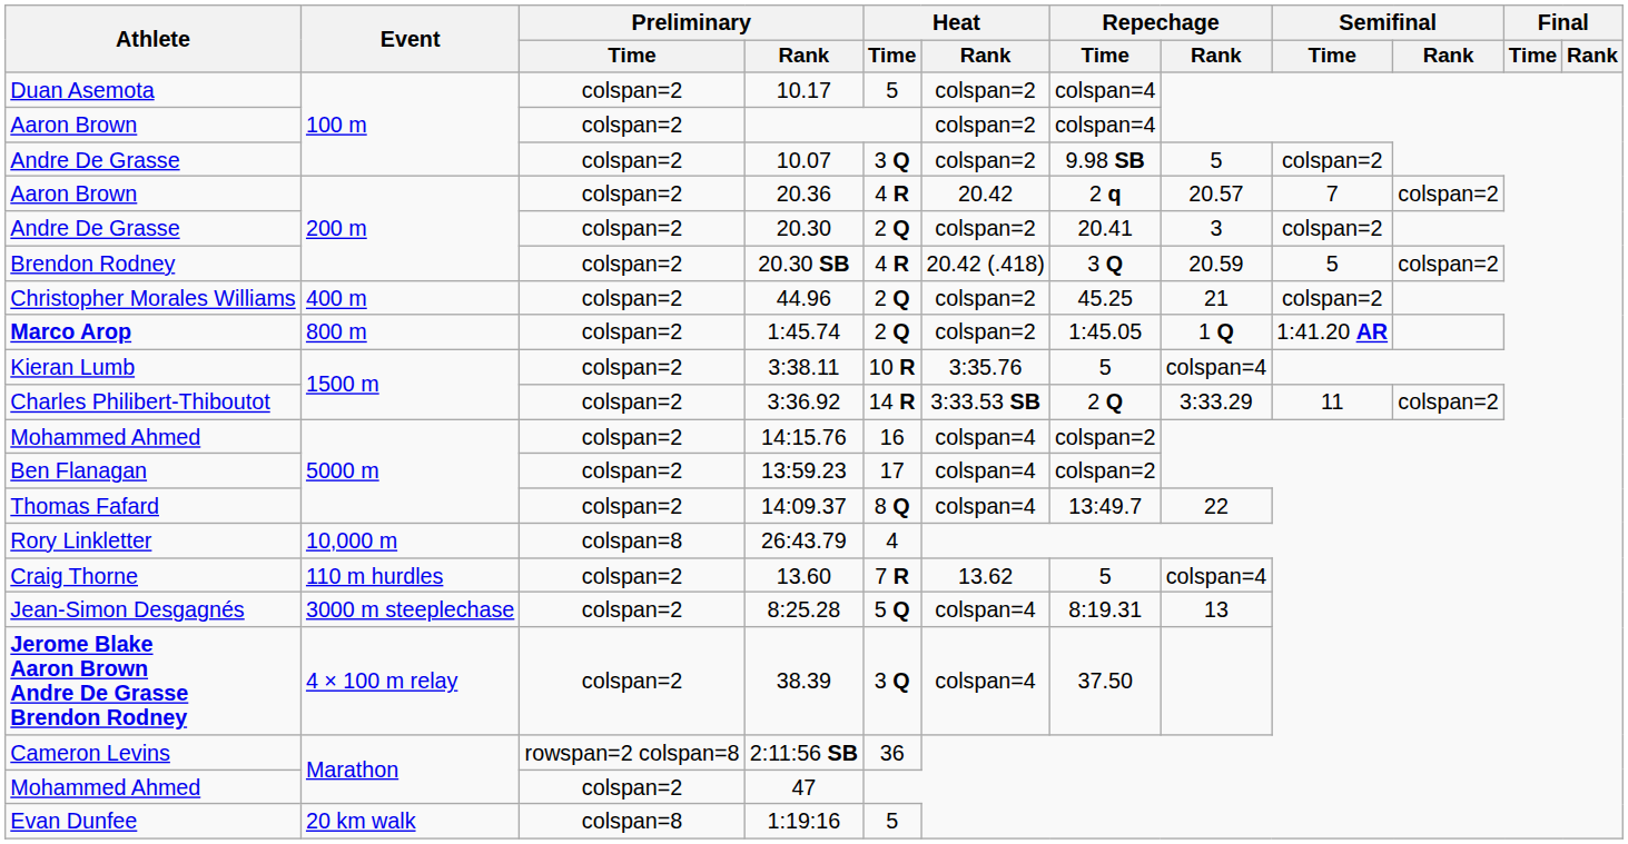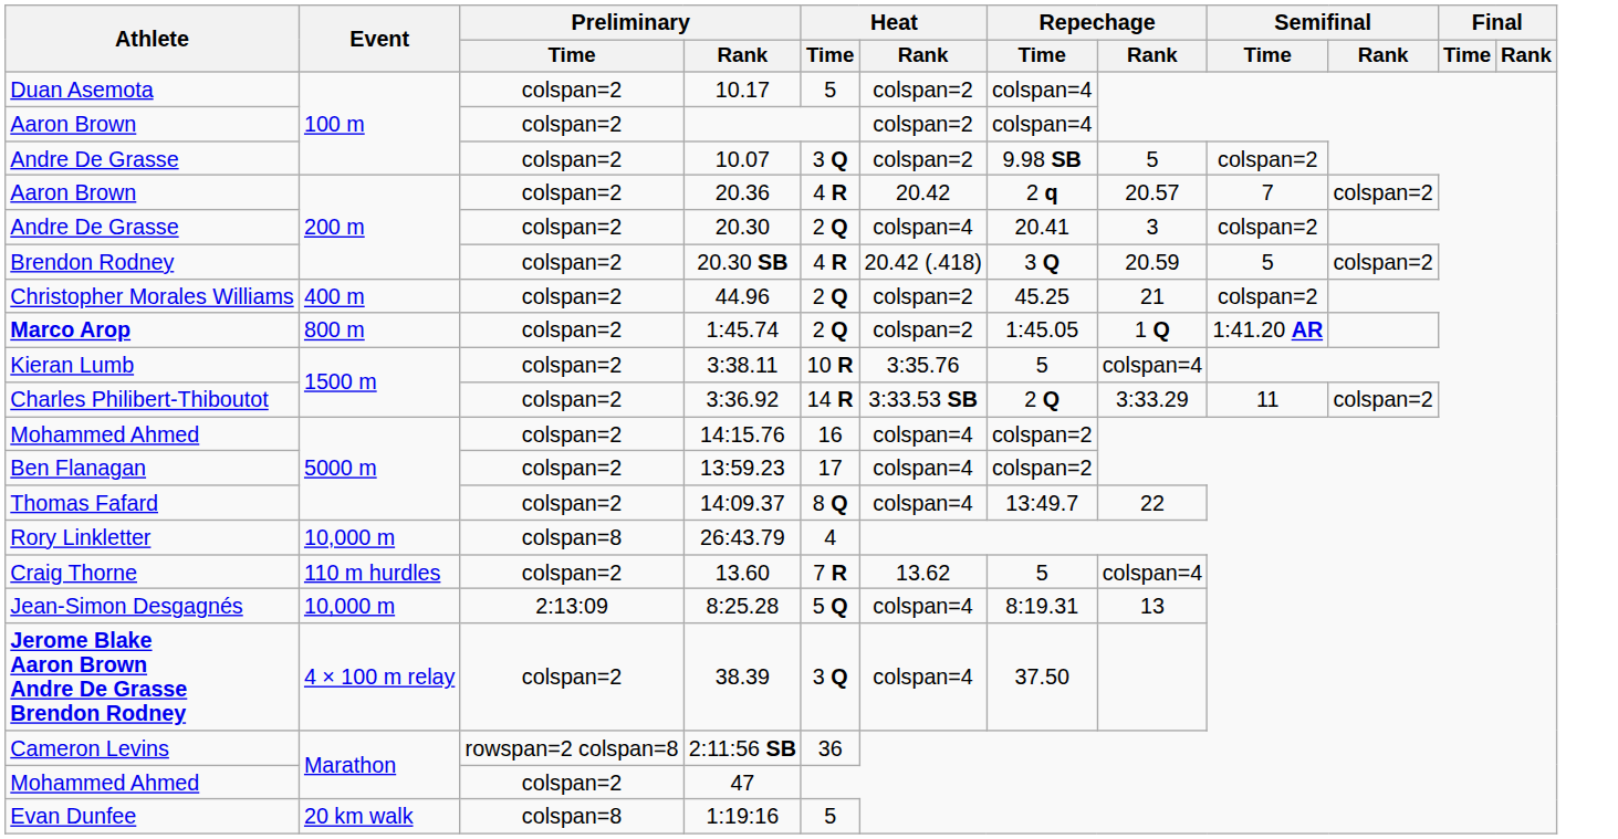 <table class=wikitable style="font-size:90%">
 <tr>
 <th rowspan=2>Athlete</th>
 <th rowspan=2>Event</th>
 <th colspan=2>Preliminary</th>
 <th colspan=2>Heat</th>
 <th colspan=2>Repechage</th>
 <th colspan=2>Semifinal</th>
 <th colspan=2>Final</th>
 </tr>
 <tr style=font-size:95%>
 <th>Time</th>
 <th>Rank</th>
 <th>Time</th>
 <th>Rank</th>
 <th>Time</th>
 <th>Rank</th>
 <th>Time</th>
 <th>Rank</th>
 <th>Time</th>
 <th>Rank</th>
 </tr>
 <tr align=center>
 <td align=left><a href='#'>Duan Asemota</a></td>
 <td align=left rowspan=3><a href='#'>100 m</a></td>
 <td>colspan=2 </td>
 <td>10.17</td>
 <td>5</td>
 <td>colspan=2 </td>
 <td>colspan=4 </td>
 </tr>
 <tr align=center>
 <td align=left><a href='#'>Aaron Brown</a></td>
 <td>colspan=2 </td>
 <td colspan=2></td>
 <td>colspan=2 </td>
 <td>colspan=4 </td>
 </tr>
 <tr align=center>
 <td align=left><a href='#'>Andre De Grasse</a></td>
 <td>colspan=2 </td>
 <td>10.07</td>
 <td>3 <strong>Q</strong></td>
 <td>colspan=2 </td>
 <td>9.98 <strong>SB</strong></td>
 <td>5</td>
 <td>colspan=2 </td>
 </tr>
 <tr align=center>
 <td align=left><a href='#'>Aaron Brown</a></td>
 <td rowspan=3 align=left><a href='#'>200 m</a></td>
 <td>colspan=2 </td>
 <td>20.36</td>
 <td>4 <strong>R</strong></td>
 <td>20.42</td>
 <td>2 <strong>q</strong></td>
 <td>20.57</td>
 <td>7</td>
 <td>colspan=2 </td>
 </tr>
 <tr align=center>
 <td align=left><a href='#'>Andre De Grasse</a></td>
 <td>colspan=2 </td>
 <td>20.30</td>
 <td>2 <strong>Q</strong></td>
-<td>colspan=2 </td>
+<td>colspan=4 </td>
 <td>20.41</td>
 <td>3</td>
 <td>colspan=2 </td>
 </tr>
 <tr align=center>
 <td align=left><a href='#'>Brendon Rodney</a></td>
 <td>colspan=2 </td>
 <td>20.30 <strong>SB</strong></td>
 <td>4 <strong>R</strong></td>
 <td>20.42 (.418)</td>
 <td>3 <strong>Q</strong></td>
 <td>20.59</td>
 <td>5</td>
 <td>colspan=2 </td>
 </tr>
 <tr align=center>
 <td align=left><a href='#'>Christopher Morales Williams</a></td>
 <td align=left><a href='#'>400 m</a></td>
 <td>colspan=2 </td>
 <td>44.96</td>
 <td>2 <strong>Q</strong></td>
 <td>colspan=2 </td>
 <td>45.25</td>
 <td>21</td>
 <td>colspan=2 </td>
 </tr>
 <tr align=center>
 <td align=left><strong><a href='#'>Marco Arop</a></strong></td>
 <td align=left><a href='#'>800 m</a></td>
 <td>colspan=2 </td>
 <td>1:45.74</td>
 <td>2 <strong>Q</strong></td>
 <td>colspan=2 </td>
 <td>1:45.05</td>
 <td>1 <strong>Q</strong></td>
 <td>1:41.20 <strong><a href='#'>AR</a></strong></td>
 <td></td>
 </tr>
 <tr align=center>
 <td align=left><a href='#'>Kieran Lumb</a></td>
 <td align=left rowspan=2><a href='#'>1500 m</a></td>
 <td>colspan=2 </td>
 <td>3:38.11</td>
 <td>10 <strong>R</strong></td>
 <td>3:35.76</td>
 <td>5</td>
 <td>colspan=4 </td>
 </tr>
 <tr align=center>
 <td align=left><a href='#'>Charles Philibert-Thiboutot</a></td>
 <td>colspan=2 </td>
 <td>3:36.92</td>
 <td>14 <strong>R</strong></td>
 <td>3:33.53 <strong>SB</strong></td>
 <td>2 <strong>Q</strong></td>
 <td>3:33.29</td>
 <td>11</td>
 <td>colspan=2 </td>
 </tr>
 <tr align=center>
 <td align=left><a href='#'>Mohammed Ahmed</a></td>
 <td align=left rowspan=3><a href='#'>5000 m</a></td>
 <td>colspan=2 </td>
 <td>14:15.76</td>
 <td>16</td>
 <td>colspan=4 </td>
 <td>colspan=2 </td>
 </tr>
 <tr align=center>
 <td align=left><a href='#'>Ben Flanagan</a></td>
 <td>colspan=2 </td>
 <td>13:59.23</td>
 <td>17</td>
 <td>colspan=4 </td>
 <td>colspan=2 </td>
 </tr>
 <tr align=center>
 <td align=left><a href='#'>Thomas Fafard</a></td>
 <td>colspan=2 </td>
 <td>14:09.37</td>
 <td>8 <strong>Q</strong></td>
 <td>colspan=4 </td>
 <td>13:49.7</td>
 <td>22</td>
 </tr>
 <tr align=center>
 <td align=left><a href='#'>Rory Linkletter</a></td>
 <td align=left><a href='#'>10,000 m</a></td>
 <td>colspan=8 </td>
 <td>26:43.79</td>
 <td>4</td>
 </tr>
 <tr align=center>
 <td align=left><a href='#'>Craig Thorne</a></td>
 <td align=left><a href='#'>110 m hurdles</a></td>
 <td>colspan=2 </td>
 <td>13.60</td>
 <td>7 <strong>R</strong></td>
 <td>13.62</td>
 <td>5</td>
 <td>colspan=4 </td>
 </tr>
 <tr align=center>
 <td align=left><a href='#'>Jean-Simon Desgagnés</a></td>
-<td align=left><a href='#'>3000 m steeplechase</a></td>
-<td>colspan=2 </td>
+<td align=left><a href='#'>10,000 m</a></td>
+<td>2:13:09</td>
 <td>8:25.28</td>
 <td>5 <strong>Q</strong></td>
 <td>colspan=4 </td>
 <td>8:19.31</td>
 <td>13</td>
 </tr>
 <tr align=center>
 <td align=left><strong><a href='#'>Jerome Blake</a><br><a href='#'>Aaron Brown</a><br><a href='#'>Andre De Grasse</a><br><a href='#'>Brendon Rodney</a></strong></td>
 <td align=left><a href='#'>4 × 100 m relay</a></td>
 <td>colspan=2 </td>
 <td>38.39</td>
 <td>3 <strong>Q</strong></td>
 <td>colspan=4 </td>
 <td>37.50</td>
 <td></td>
 </tr>
 <tr align=center>
 <td align=left><a href='#'>Cameron Levins</a></td>
 <td align=left rowspan=2><a href='#'>Marathon</a></td>
 <td>rowspan=2 colspan=8 </td>
 <td>2:11:56 <strong>SB</strong></td>
 <td>36</td>
 </tr>
 <tr align=center>
 <td align=left><a href='#'>Mohammed Ahmed</a></td>
 <td>colspan=2 </td>
 <td>47</td>
 </tr>
 <tr align=center>
 <td align=left><a href='#'>Evan Dunfee</a></td>
 <td align=left><a href='#'>20 km walk</a></td>
 <td>colspan=8 </td>
 <td>1:19:16</td>
 <td>5</td>
 </tr>
 </table>
